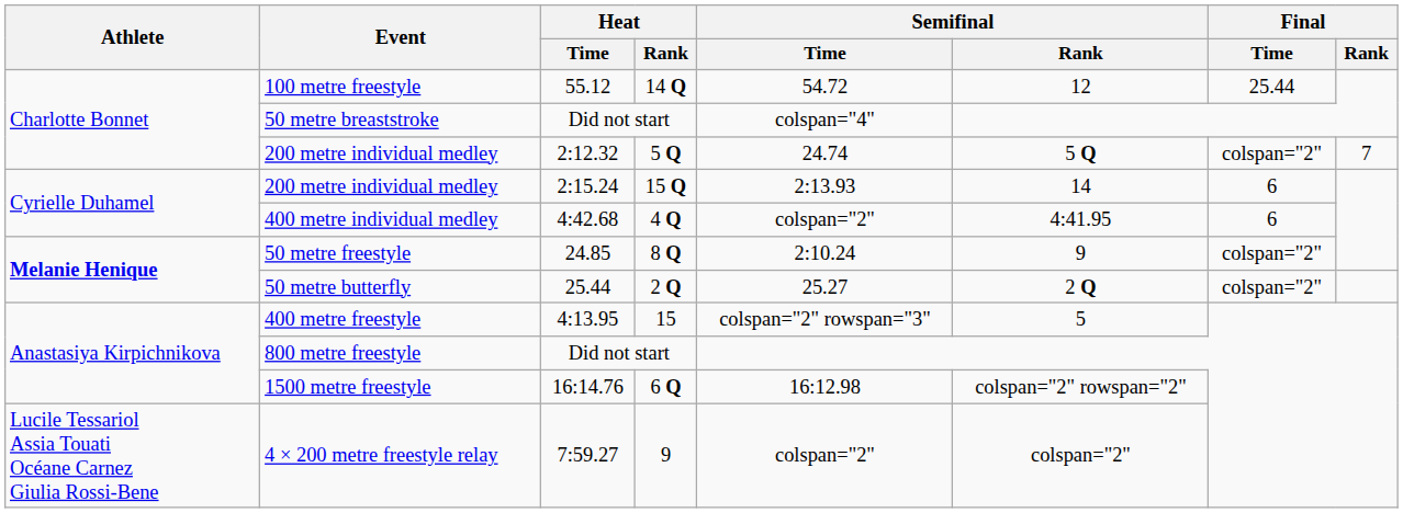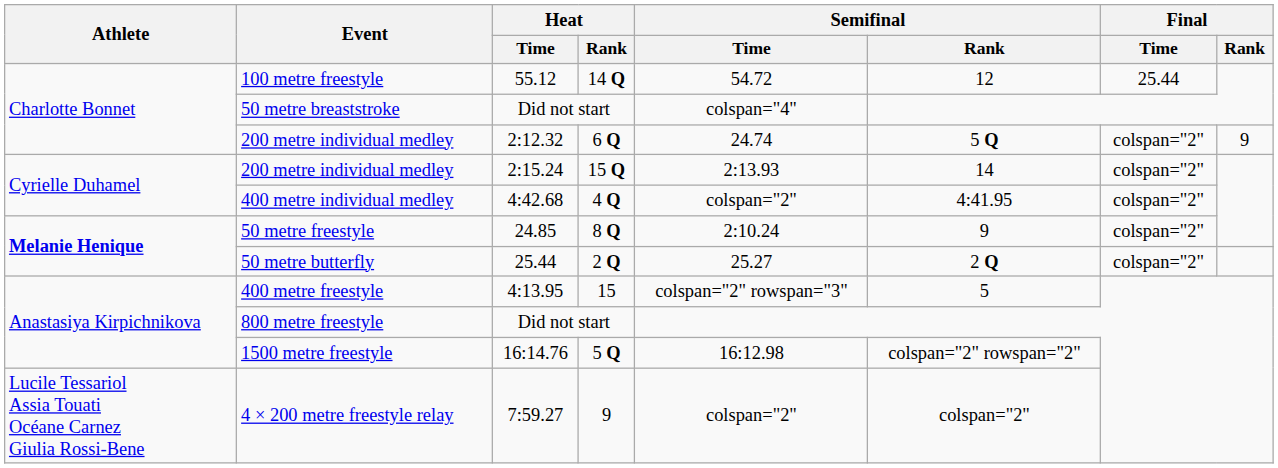 <table class="wikitable" style="text-align:center; font-size:90%; width:50%;">
 <tr>
 <th rowspan="2">Athlete</th>
 <th rowspan="2">Event</th>
 <th colspan="2">Heat</th>
 <th colspan="2">Semifinal</th>
 <th colspan="2">Final</th>
 </tr>
 <tr style="font-size:95%">
 <th>Time</th>
 <th>Rank</th>
 <th>Time</th>
 <th>Rank</th>
 <th>Time</th>
 <th>Rank</th>
 </tr>
 <tr align=center>
 <td align=left rowspan="3"><a href='#'>Charlotte Bonnet</a></td>
 <td align=left><a href='#'>100 metre freestyle</a></td>
 <td>55.12</td>
 <td>14 <strong>Q</strong></td>
 <td>54.72</td>
 <td>12</td>
 <td>25.44</td>
 </tr>
 <tr align=center>
 <td align=left><a href='#'>50 metre breaststroke</a></td>
 <td colspan="2">Did not start</td>
 <td>colspan="4" </td>
 </tr>
 <tr align=center>
 <td align=left><a href='#'>200 metre individual medley</a></td>
 <td>2:12.32</td>
-<td>5 <strong>Q</strong></td>
+<td>6 <strong>Q</strong></td>
 <td>24.74</td>
 <td>5 <strong>Q</strong></td>
 <td>colspan="2" </td>
-<td>7</td>
+<td>9</td>
 </tr>
 <tr align=center>
 <td align=left rowspan="2"><a href='#'>Cyrielle Duhamel</a></td>
 <td align=left><a href='#'>200 metre individual medley</a></td>
 <td>2:15.24</td>
 <td>15 <strong>Q</strong></td>
 <td>2:13.93</td>
 <td>14</td>
-<td>6</td>
+<td>colspan="2" </td>
 </tr>
 <tr align=center>
 <td align=left><a href='#'>400 metre individual medley</a></td>
 <td>4:42.68</td>
 <td>4 <strong>Q</strong></td>
 <td>colspan="2"   </td>
 <td>4:41.95</td>
-<td>6</td>
+<td>colspan="2" </td>
 </tr>
 <tr align=center>
 <td align=left rowspan="2"><strong><a href='#'>Melanie Henique</a></strong></td>
 <td align=left><a href='#'>50 metre freestyle</a></td>
 <td>24.85</td>
 <td>8 <strong>Q</strong></td>
 <td>2:10.24</td>
 <td>9</td>
 <td>colspan="2" </td>
 </tr>
 <tr align=center>
 <td align=left><a href='#'>50 metre butterfly</a></td>
 <td>25.44</td>
 <td>2 <strong>Q</strong></td>
 <td>25.27</td>
 <td>2 <strong>Q</strong></td>
 <td>colspan="2" </td>
 <td></td>
 </tr>
 <tr align=center>
 <td align=left rowspan="3"><a href='#'>Anastasiya Kirpichnikova</a></td>
 <td align=left><a href='#'>400 metre freestyle</a></td>
 <td>4:13.95</td>
 <td>15</td>
 <td>colspan="2" rowspan="3"  </td>
 <td>5</td>
 </tr>
 <tr align=center>
 <td align=left><a href='#'>800 metre freestyle</a></td>
 <td colspan="2">Did not start</td>
 </tr>
 <tr align=center>
 <td align=left><a href='#'>1500 metre freestyle</a></td>
 <td>16:14.76</td>
-<td>6 <strong>Q</strong></td>
+<td>5 <strong>Q</strong></td>
 <td>16:12.98</td>
 <td>colspan="2" rowspan="2"</td>
 </tr>
 <tr>
 <td align=left><a href='#'>Lucile Tessariol</a><br><a href='#'>Assia Touati</a> <br><a href='#'>Océane Carnez</a><br><a href='#'>Giulia Rossi-Bene</a></td>
 <td align=left><a href='#'>4 × 200 metre freestyle relay</a></td>
 <td>7:59.27</td>
 <td>9</td>
 <td>colspan="2" </td>
 <td>colspan="2" </td>
 </tr>
 </table>
